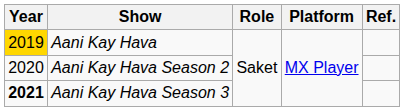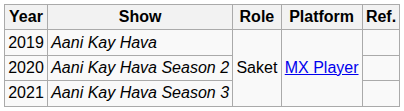 <table class="wikitable sortable">
 <tr>
 <th>Year</th>
 <th>Show</th>
 <th>Role</th>
 <th>Platform</th>
 <th>Ref.</th>
 </tr>
 <tr>
-<td style="background: gold;">2019</td>
+<td>2019</td>
 <td><em>Aani Kay Hava</em></td>
 <td rowspan="3">Saket</td>
 <td rowspan="3"><a href='#'>MX Player</a></td>
 <td></td>
 </tr>
 <tr>
 <td>2020</td>
 <td><em>Aani Kay Hava Season 2</em></td>
 <td></td>
 </tr>
 <tr>
-<td><strong>2021</strong></td>
+<td>2021</td>
 <td><em>Aani Kay Hava Season 3</em></td>
 <td></td>
 </tr>
 </table>
